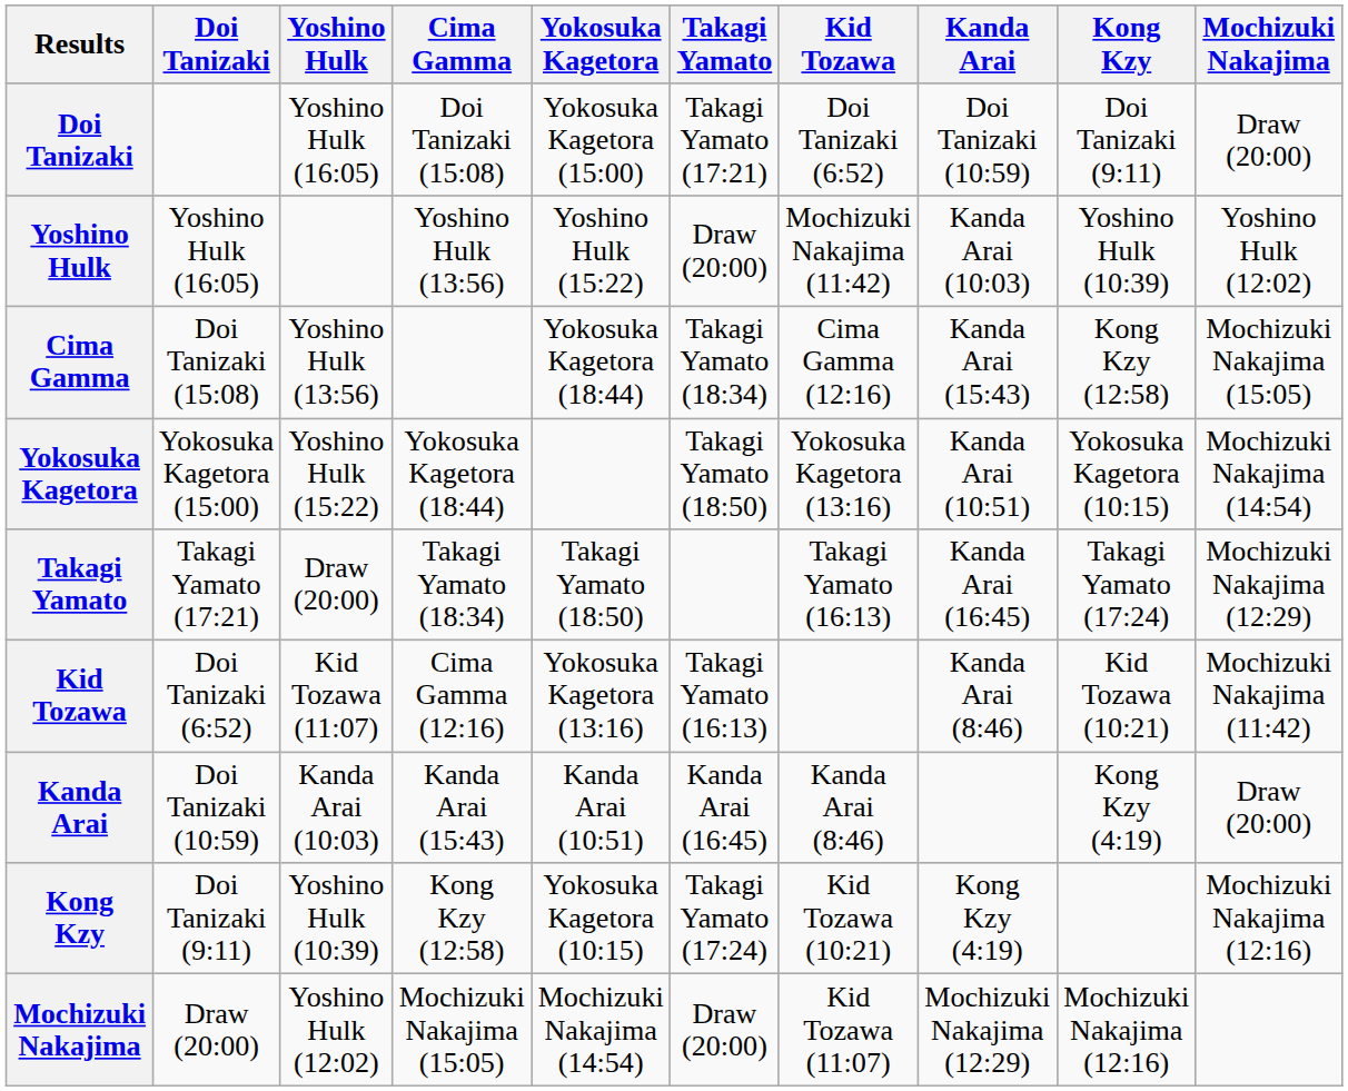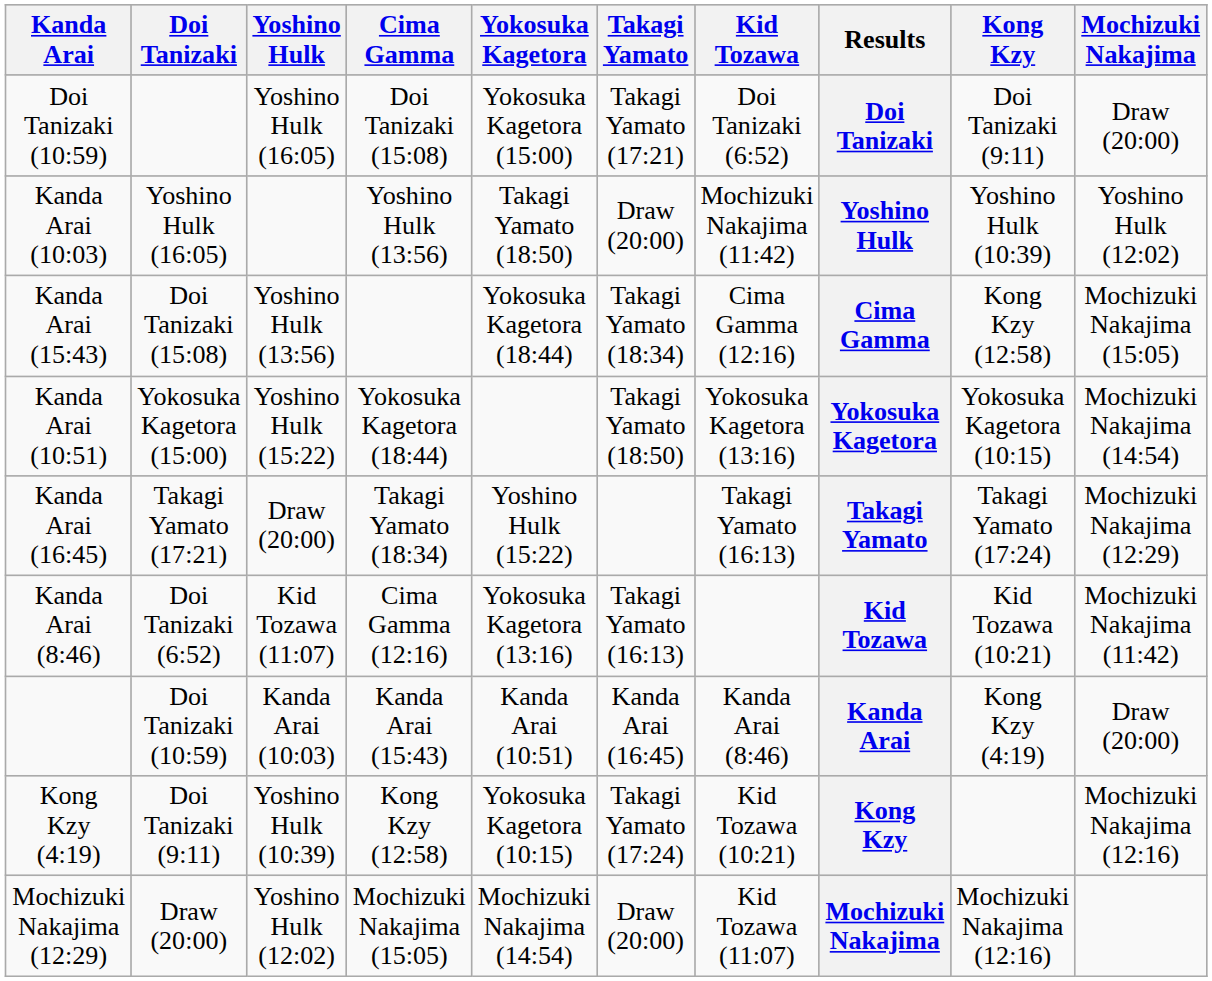 <table class="wikitable" style="margin: 1em auto 1em auto;text-align:center">
 <tr>
-<th>Results</th>
+<th><a href='#'>Kanda</a><br><a href='#'>Arai</a></th>
 <th><a href='#'>Doi</a><br><a href='#'>Tanizaki</a></th>
 <th><a href='#'>Yoshino</a><br><a href='#'>Hulk</a></th>
 <th><a href='#'>Cima</a><br><a href='#'>Gamma</a></th>
 <th><a href='#'>Yokosuka</a><br><a href='#'>Kagetora</a></th>
 <th><a href='#'>Takagi</a><br><a href='#'>Yamato</a></th>
 <th><a href='#'>Kid</a><br><a href='#'>Tozawa</a></th>
-<th><a href='#'>Kanda</a><br><a href='#'>Arai</a></th>
+<th>Results</th>
 <th><a href='#'>Kong</a><br><a href='#'>Kzy</a></th>
 <th><a href='#'>Mochizuki</a><br><a href='#'>Nakajima</a></th>
 </tr>
 <tr>
-<th><a href='#'>Doi</a><br><a href='#'>Tanizaki</a></th>
+<td>Doi<br>Tanizaki<br>(10:59)</td>
 <td></td>
 <td>Yoshino<br>Hulk<br>(16:05)</td>
 <td>Doi<br>Tanizaki<br>(15:08)</td>
 <td>Yokosuka<br>Kagetora<br>(15:00)</td>
 <td>Takagi<br>Yamato<br>(17:21)</td>
 <td>Doi<br>Tanizaki<br>(6:52)</td>
-<td>Doi<br>Tanizaki<br>(10:59)</td>
+<th><a href='#'>Doi</a><br><a href='#'>Tanizaki</a></th>
 <td>Doi<br>Tanizaki<br>(9:11)</td>
 <td>Draw<br>(20:00)</td>
 </tr>
 <tr>
-<th><a href='#'>Yoshino</a><br><a href='#'>Hulk</a></th>
+<td>Kanda<br>Arai<br>(10:03)</td>
 <td>Yoshino<br>Hulk<br>(16:05)</td>
 <td></td>
 <td>Yoshino<br>Hulk<br>(13:56)</td>
-<td>Yoshino<br>Hulk<br>(15:22)</td>
+<td>Takagi<br>Yamato<br>(18:50)</td>
 <td>Draw<br>(20:00)</td>
 <td>Mochizuki<br>Nakajima<br>(11:42)</td>
-<td>Kanda<br>Arai<br>(10:03)</td>
+<th><a href='#'>Yoshino</a><br><a href='#'>Hulk</a></th>
 <td>Yoshino<br>Hulk<br>(10:39)</td>
 <td>Yoshino<br>Hulk<br>(12:02)</td>
 </tr>
 <tr>
-<th><a href='#'>Cima</a><br><a href='#'>Gamma</a></th>
+<td>Kanda<br>Arai<br>(15:43)</td>
 <td>Doi<br>Tanizaki<br>(15:08)</td>
 <td>Yoshino<br>Hulk<br>(13:56)</td>
 <td></td>
 <td>Yokosuka<br>Kagetora<br>(18:44)</td>
 <td>Takagi<br>Yamato<br>(18:34)</td>
 <td>Cima<br>Gamma<br>(12:16)</td>
-<td>Kanda<br>Arai<br>(15:43)</td>
+<th><a href='#'>Cima</a><br><a href='#'>Gamma</a></th>
 <td>Kong<br>Kzy<br>(12:58)</td>
 <td>Mochizuki<br>Nakajima<br>(15:05)</td>
 </tr>
 <tr>
-<th><a href='#'>Yokosuka</a><br><a href='#'>Kagetora</a></th>
+<td>Kanda<br>Arai<br>(10:51)</td>
 <td>Yokosuka<br>Kagetora<br>(15:00)</td>
 <td>Yoshino<br>Hulk<br>(15:22)</td>
 <td>Yokosuka<br>Kagetora<br>(18:44)</td>
 <td></td>
 <td>Takagi<br>Yamato<br>(18:50)</td>
 <td>Yokosuka<br>Kagetora<br>(13:16)</td>
-<td>Kanda<br>Arai<br>(10:51)</td>
+<th><a href='#'>Yokosuka</a><br><a href='#'>Kagetora</a></th>
 <td>Yokosuka<br>Kagetora<br>(10:15)</td>
 <td>Mochizuki<br>Nakajima<br>(14:54)</td>
 </tr>
 <tr>
-<th><a href='#'>Takagi</a><br><a href='#'>Yamato</a></th>
+<td>Kanda<br>Arai<br>(16:45)</td>
 <td>Takagi<br>Yamato<br>(17:21)</td>
 <td>Draw<br>(20:00)</td>
 <td>Takagi<br>Yamato<br>(18:34)</td>
-<td>Takagi<br>Yamato<br>(18:50)</td>
+<td>Yoshino<br>Hulk<br>(15:22)</td>
 <td></td>
 <td>Takagi<br>Yamato<br>(16:13)</td>
-<td>Kanda<br>Arai<br>(16:45)</td>
+<th><a href='#'>Takagi</a><br><a href='#'>Yamato</a></th>
 <td>Takagi<br>Yamato<br>(17:24)</td>
 <td>Mochizuki<br>Nakajima<br>(12:29)</td>
 </tr>
 <tr>
-<th><a href='#'>Kid</a><br><a href='#'>Tozawa</a></th>
+<td>Kanda<br>Arai<br>(8:46)</td>
 <td>Doi<br>Tanizaki<br>(6:52)</td>
 <td>Kid<br>Tozawa<br>(11:07)</td>
 <td>Cima<br>Gamma<br>(12:16)</td>
 <td>Yokosuka<br>Kagetora<br>(13:16)</td>
 <td>Takagi<br>Yamato<br>(16:13)</td>
 <td></td>
-<td>Kanda<br>Arai<br>(8:46)</td>
+<th><a href='#'>Kid</a><br><a href='#'>Tozawa</a></th>
 <td>Kid<br>Tozawa<br>(10:21)</td>
 <td>Mochizuki<br>Nakajima<br>(11:42)</td>
 </tr>
 <tr>
-<th><a href='#'>Kanda</a><br><a href='#'>Arai</a></th>
+<td></td>
 <td>Doi<br>Tanizaki<br>(10:59)</td>
 <td>Kanda<br>Arai<br>(10:03)</td>
 <td>Kanda<br>Arai<br>(15:43)</td>
 <td>Kanda<br>Arai<br>(10:51)</td>
 <td>Kanda<br>Arai<br>(16:45)</td>
 <td>Kanda<br>Arai<br>(8:46)</td>
-<td></td>
+<th><a href='#'>Kanda</a><br><a href='#'>Arai</a></th>
 <td>Kong<br>Kzy<br>(4:19)</td>
 <td>Draw<br>(20:00)</td>
 </tr>
 <tr>
-<th><a href='#'>Kong</a><br><a href='#'>Kzy</a></th>
+<td>Kong<br>Kzy<br>(4:19)</td>
 <td>Doi<br>Tanizaki<br>(9:11)</td>
 <td>Yoshino<br>Hulk<br>(10:39)</td>
 <td>Kong<br>Kzy<br>(12:58)</td>
 <td>Yokosuka<br>Kagetora<br>(10:15)</td>
 <td>Takagi<br>Yamato<br>(17:24)</td>
 <td>Kid<br>Tozawa<br>(10:21)</td>
-<td>Kong<br>Kzy<br>(4:19)</td>
+<th><a href='#'>Kong</a><br><a href='#'>Kzy</a></th>
 <td></td>
 <td>Mochizuki<br>Nakajima<br>(12:16)</td>
 </tr>
 <tr>
-<th><a href='#'>Mochizuki</a><br><a href='#'>Nakajima</a></th>
+<td>Mochizuki<br>Nakajima<br>(12:29)</td>
 <td>Draw<br>(20:00)</td>
 <td>Yoshino<br>Hulk<br>(12:02)</td>
 <td>Mochizuki<br>Nakajima<br>(15:05)</td>
 <td>Mochizuki<br>Nakajima<br>(14:54)</td>
 <td>Draw<br>(20:00)</td>
 <td>Kid<br>Tozawa<br>(11:07)</td>
-<td>Mochizuki<br>Nakajima<br>(12:29)</td>
+<th><a href='#'>Mochizuki</a><br><a href='#'>Nakajima</a></th>
 <td>Mochizuki<br>Nakajima<br>(12:16)</td>
 <td></td>
 </tr>
 </table>
